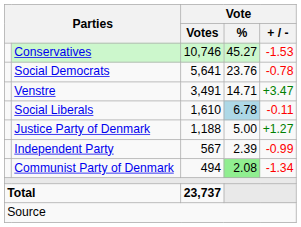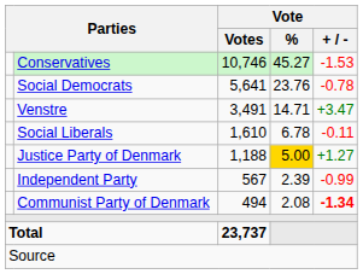 <table class="wikitable" style="text-align:right;">
 <tr>
 <th style="text-align:centre;" rowspan="2" colspan="2" width="225">Parties</th>
 <th colspan="3">Vote</th>
 </tr>
 <tr>
 <th width="15">Votes</th>
 <th width="15">%</th>
 <th width="15">+ / -</th>
 </tr>
 <tr>
 <td width="2" style="color:inherit;background:"></td>
 <td bgcolor=#ccf7cc  align="left"><a href='#'>Conservatives</a></td>
 <td bgcolor=#ccf7cc>10,746</td>
 <td bgcolor=#ccf7cc>45.27</td>
 <td style=color:red;>-1.53</td>
 </tr>
 <tr>
 <td width="2" style="color:inherit;background:"></td>
 <td align="left"><a href='#'>Social Democrats</a></td>
 <td>5,641</td>
 <td>23.76</td>
 <td style=color:red;>-0.78</td>
 </tr>
 <tr>
 <td width="2" style="color:inherit;background:"></td>
 <td align="left"><a href='#'>Venstre</a></td>
 <td>3,491</td>
 <td>14.71</td>
 <td style=color:green;>+3.47</td>
 </tr>
 <tr>
 <td width="2" style="color:inherit;background:"></td>
 <td align="left"><a href='#'>Social Liberals</a></td>
 <td>1,610</td>
-<td style="background: lightblue;">6.78</td>
+<td>6.78</td>
 <td style=color:red;>-0.11</td>
 </tr>
 <tr>
 <td width="2" style="color:inherit;background:"></td>
 <td align="left"><a href='#'>Justice Party of Denmark</a></td>
 <td>1,188</td>
-<td>5.00</td>
+<td style="background: gold;">5.00</td>
 <td style=color:green;>+1.27</td>
 </tr>
 <tr>
 <td width="2" style="color:inherit;background:"></td>
 <td align="left"><a href='#'>Independent Party</a></td>
 <td>567</td>
 <td>2.39</td>
 <td style=color:red;>-0.99</td>
 </tr>
 <tr>
 <td width="2" style="color:inherit;background:"></td>
 <td align="left"><a href='#'>Communist Party of Denmark</a></td>
 <td>494</td>
-<td style="background: lightgreen;">2.08</td>
-<td style=color:red;>-1.34</td>
+<td>2.08</td>
+<td style=color:red;><strong>-1.34</strong></td>
 </tr>
 <tr>
 <td colspan="7" bgcolor="#E9E9E9"></td>
 </tr>
 <tr>
 <td align="left" colspan="2"><strong>Total</strong></td>
 <td><strong>23,737</strong></td>
 <td bgcolor="#E9E9E9" colspan="2"></td>
 </tr>
 <tr>
 <td align="left" colspan="6">Source</td>
 </tr>
 </table>
